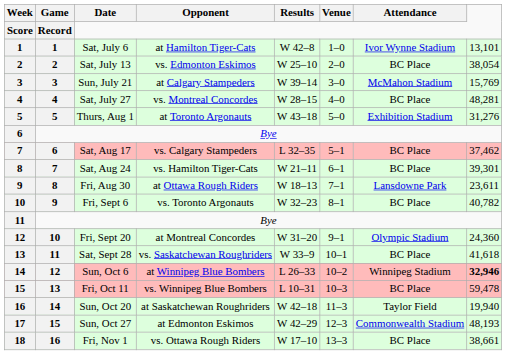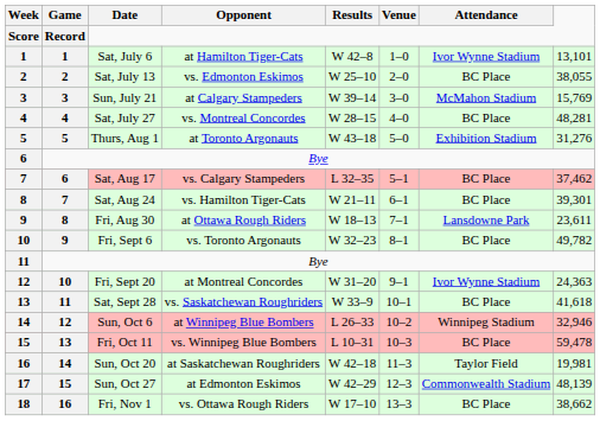 <table class="wikitable" style="text-align:center">
 <tr>
 <th>Week</th>
 <th>Game</th>
 <th>Date</th>
 <th>Opponent</th>
 <th>Results</th>
 <th>Venue</th>
 <th>Attendance</th>
 </tr>
 <tr>
 <th>Score</th>
 <th>Record</th>
 </tr>
 <tr style="background:#ddffdd">
 <th>1</th>
 <th>1</th>
 <td>Sat, July 6</td>
 <td>at <a href='#'>Hamilton Tiger-Cats</a></td>
 <td>W 42–8</td>
 <td>1–0</td>
 <td><a href='#'>Ivor Wynne Stadium</a></td>
 <td>13,101</td>
 </tr>
 <tr style="background:#ddffdd">
 <th>2</th>
 <th>2</th>
 <td>Sat, July 13</td>
 <td>vs. <a href='#'>Edmonton Eskimos</a></td>
 <td>W 25–10</td>
 <td>2–0</td>
 <td>BC Place</td>
-<td>38,054</td>
+<td>38,055</td>
 </tr>
 <tr style="background:#ddffdd">
 <th>3</th>
 <th>3</th>
 <td>Sun, July 21</td>
 <td>at <a href='#'>Calgary Stampeders</a></td>
 <td>W 39–14</td>
 <td>3–0</td>
 <td><a href='#'>McMahon Stadium</a></td>
 <td>15,769</td>
 </tr>
 <tr style="background:#ddffdd">
 <th>4</th>
 <th>4</th>
 <td>Sat, July 27</td>
 <td>vs. <a href='#'>Montreal Concordes</a></td>
 <td>W 28–15</td>
 <td>4–0</td>
 <td>BC Place</td>
 <td>48,281</td>
 </tr>
 <tr style="background:#ddffdd">
 <th>5</th>
 <th>5</th>
 <td>Thurs, Aug 1</td>
 <td>at <a href='#'>Toronto Argonauts</a></td>
 <td>W 43–18</td>
 <td>5–0</td>
 <td><a href='#'>Exhibition Stadium</a></td>
 <td>31,276</td>
 </tr>
 <tr>
 <th>6</th>
 <td colspan=7><em><a href='#'>Bye</a></em></td>
 </tr>
 <tr style="background:#ffbbbb">
 <th>7</th>
 <th>6</th>
 <td>Sat, Aug 17</td>
 <td>vs. Calgary Stampeders</td>
 <td>L 32–35</td>
 <td>5–1</td>
 <td>BC Place</td>
 <td>37,462</td>
 </tr>
 <tr style="background:#ddffdd">
 <th>8</th>
 <th>7</th>
 <td>Sat, Aug 24</td>
 <td>vs. Hamilton Tiger-Cats</td>
 <td>W 21–11</td>
 <td>6–1</td>
 <td>BC Place</td>
 <td>39,301</td>
 </tr>
 <tr style="background:#ddffdd">
 <th>9</th>
 <th>8</th>
 <td>Fri, Aug 30</td>
 <td>at <a href='#'>Ottawa Rough Riders</a></td>
 <td>W 18–13</td>
 <td>7–1</td>
 <td><a href='#'>Lansdowne Park</a></td>
 <td>23,611</td>
 </tr>
 <tr style="background:#ddffdd">
 <th>10</th>
 <th>9</th>
 <td>Fri, Sept 6</td>
 <td>vs. Toronto Argonauts</td>
 <td>W 32–23</td>
 <td>8–1</td>
 <td>BC Place</td>
-<td>40,782</td>
+<td>49,782</td>
 </tr>
 <tr>
 <th>11</th>
 <td colspan=7><em>Bye</em></td>
 </tr>
 <tr style="background:#ddffdd">
 <th>12</th>
 <th>10</th>
 <td>Fri, Sept 20</td>
 <td>at Montreal Concordes</td>
 <td>W 31–20</td>
 <td>9–1</td>
-<td><a href='#'>Olympic Stadium</a></td>
-<td>24,360</td>
+<td><a href='#'>Ivor Wynne Stadium</a></td>
+<td>24,363</td>
 </tr>
 <tr style="background:#ddffdd">
 <th>13</th>
 <th>11</th>
 <td>Sat, Sept 28</td>
 <td>vs. <a href='#'>Saskatchewan Roughriders</a></td>
 <td>W 33–9</td>
 <td>10–1</td>
 <td>BC Place</td>
 <td>41,618</td>
 </tr>
 <tr style="background:#ffbbbb">
 <th>14</th>
 <th>12</th>
 <td>Sun, Oct 6</td>
 <td>at <a href='#'>Winnipeg Blue Bombers</a></td>
 <td>L 26–33</td>
 <td>10–2</td>
 <td>Winnipeg Stadium</td>
-<td><strong>32,946</strong></td>
+<td>32,946</td>
 </tr>
 <tr style="background:#ffbbbb">
 <th>15</th>
 <th>13</th>
 <td>Fri, Oct 11</td>
 <td>vs. Winnipeg Blue Bombers</td>
 <td>L 10–31</td>
 <td>10–3</td>
 <td>BC Place</td>
 <td>59,478</td>
 </tr>
 <tr style="background:#ddffdd">
 <th>16</th>
 <th>14</th>
 <td>Sun, Oct 20</td>
 <td>at Saskatchewan Roughriders</td>
 <td>W 42–18</td>
 <td>11–3</td>
 <td>Taylor Field</td>
-<td>19,940</td>
+<td>19,981</td>
 </tr>
 <tr style="background:#ddffdd">
 <th>17</th>
 <th>15</th>
 <td>Sun, Oct 27</td>
 <td>at Edmonton Eskimos</td>
 <td>W 42–29</td>
 <td>12–3</td>
 <td><a href='#'>Commonwealth Stadium</a></td>
-<td>48,193</td>
+<td>48,139</td>
 </tr>
 <tr style="background:#ddffdd">
 <th>18</th>
 <th>16</th>
 <td>Fri, Nov 1</td>
 <td>vs. Ottawa Rough Riders</td>
 <td>W 17–10</td>
 <td>13–3</td>
 <td>BC Place</td>
-<td>38,661</td>
+<td>38,662</td>
 </tr>
 </table>
